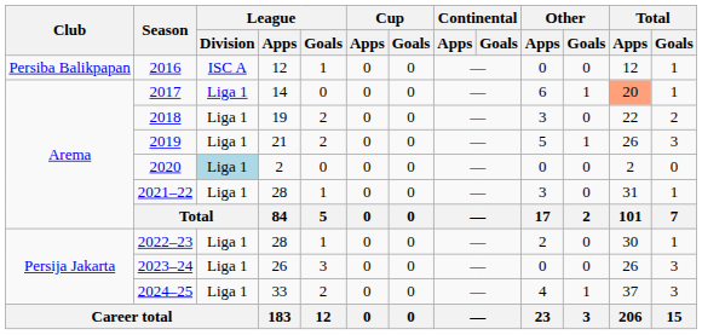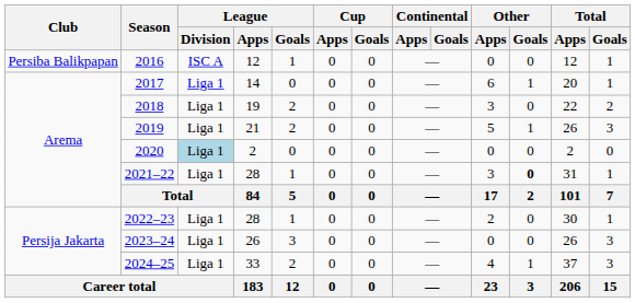 <table class="wikitable" style="text-align:center">
 <tr>
 <th rowspan="2">Club</th>
 <th rowspan="2">Season</th>
 <th colspan="3">League</th>
 <th colspan="2">Cup</th>
 <th colspan="2">Continental</th>
 <th colspan="2">Other</th>
 <th colspan="2">Total</th>
 </tr>
 <tr>
 <th>Division</th>
 <th>Apps</th>
 <th>Goals</th>
 <th>Apps</th>
 <th>Goals</th>
 <th>Apps</th>
 <th>Goals</th>
 <th>Apps</th>
 <th>Goals</th>
 <th>Apps</th>
 <th>Goals</th>
 </tr>
 <tr>
 <td rowspan="1" valign="center"><a href='#'>Persiba Balikpapan</a></td>
 <td><a href='#'>2016</a></td>
 <td><a href='#'>ISC A</a></td>
 <td>12</td>
 <td>1</td>
 <td>0</td>
 <td>0</td>
 <td colspan=2>—</td>
 <td>0</td>
 <td>0</td>
 <td>12</td>
 <td>1</td>
 </tr>
 <tr>
 <td rowspan="6" valign="center"><a href='#'>Arema</a></td>
 <td><a href='#'>2017</a></td>
 <td rowspan="1" valign="center"><a href='#'>Liga 1</a></td>
 <td>14</td>
 <td>0</td>
 <td>0</td>
 <td>0</td>
 <td colspan=2>—</td>
 <td>6</td>
 <td>1</td>
-<td style="background: lightsalmon;">20</td>
+<td>20</td>
 <td>1</td>
 </tr>
 <tr>
 <td><a href='#'>2018</a></td>
 <td rowspan="1" valign="center">Liga 1</td>
 <td>19</td>
 <td>2</td>
 <td>0</td>
 <td>0</td>
 <td colspan=2>—</td>
 <td>3</td>
 <td>0</td>
 <td>22</td>
 <td>2</td>
 </tr>
 <tr>
 <td><a href='#'>2019</a></td>
 <td rowspan="1" valign="center">Liga 1</td>
 <td>21</td>
 <td>2</td>
 <td>0</td>
 <td>0</td>
 <td colspan=2>—</td>
 <td>5</td>
 <td>1</td>
 <td>26</td>
 <td>3</td>
 </tr>
 <tr>
 <td><a href='#'>2020</a></td>
 <td rowspan="1" valign="center" style="background: lightblue;">Liga 1</td>
 <td>2</td>
 <td>0</td>
 <td>0</td>
 <td>0</td>
 <td colspan=2>—</td>
 <td>0</td>
 <td>0</td>
 <td>2</td>
 <td>0</td>
 </tr>
 <tr>
 <td><a href='#'>2021–22</a></td>
 <td rowspan="1" valign="center">Liga 1</td>
 <td>28</td>
 <td>1</td>
 <td>0</td>
 <td>0</td>
 <td colspan=2>—</td>
 <td>3</td>
-<td>0</td>
+<td><strong>0</strong></td>
 <td>31</td>
 <td>1</td>
 </tr>
 <tr>
 <th colspan="2">Total</th>
 <th>84</th>
 <th>5</th>
 <th>0</th>
 <th>0</th>
 <th colspan=2>—</th>
 <th>17</th>
 <th>2</th>
 <th>101</th>
 <th>7</th>
 </tr>
 <tr>
 <td rowspan="3" valign="center"><a href='#'>Persija Jakarta</a></td>
 <td><a href='#'>2022–23</a></td>
 <td>Liga 1</td>
 <td>28</td>
 <td>1</td>
 <td>0</td>
 <td>0</td>
 <td colspan=2>—</td>
 <td>2</td>
 <td>0</td>
 <td>30</td>
 <td>1</td>
 </tr>
 <tr>
 <td><a href='#'>2023–24</a></td>
 <td rowspan="1" valign="center">Liga 1</td>
 <td>26</td>
 <td>3</td>
 <td>0</td>
 <td>0</td>
 <td colspan="2">—</td>
 <td>0</td>
 <td>0</td>
 <td>26</td>
 <td>3</td>
 </tr>
 <tr>
 <td><a href='#'>2024–25</a></td>
 <td rowspan="1" valign="center">Liga 1</td>
 <td>33</td>
 <td>2</td>
 <td>0</td>
 <td>0</td>
 <td colspan="2">—</td>
 <td>4</td>
 <td>1</td>
 <td>37</td>
 <td>3</td>
 </tr>
 <tr>
 <th colspan="3">Career total</th>
 <th>183</th>
 <th>12</th>
 <th>0</th>
 <th>0</th>
 <th colspan=2>—</th>
 <th>23</th>
 <th>3</th>
 <th>206</th>
 <th>15</th>
 </tr>
 </table>
